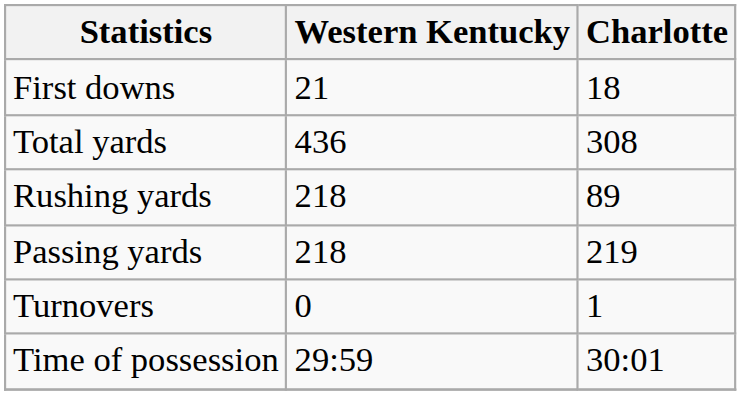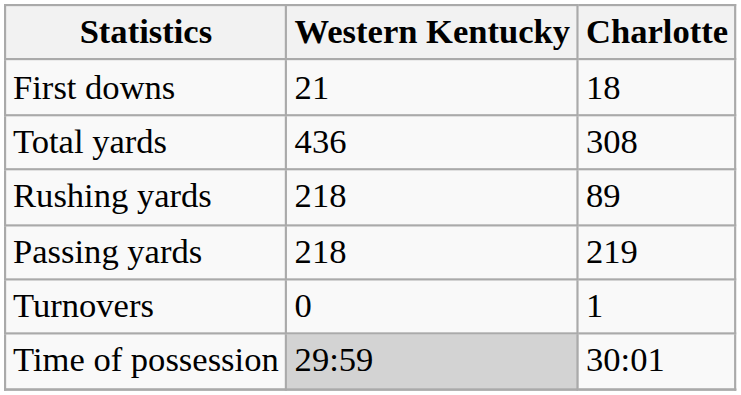 <table class="wikitable">
 <tr>
 <th>Statistics</th>
 <th>Western Kentucky</th>
 <th>Charlotte</th>
 </tr>
 <tr>
 <td>First downs</td>
 <td>21</td>
 <td>18</td>
 </tr>
 <tr>
 <td>Total yards</td>
 <td>436</td>
 <td>308</td>
 </tr>
 <tr>
 <td>Rushing yards</td>
 <td>218</td>
 <td>89</td>
 </tr>
 <tr>
 <td>Passing yards</td>
 <td>218</td>
 <td>219</td>
 </tr>
 <tr>
 <td>Turnovers</td>
 <td>0</td>
 <td>1</td>
 </tr>
 <tr>
 <td>Time of possession</td>
-<td>29:59</td>
+<td style="background: lightgrey;">29:59</td>
 <td>30:01</td>
 </tr>
 <tr>
 </tr>
 </table>
